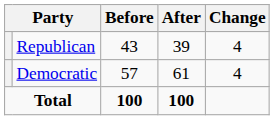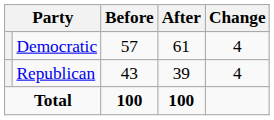 <table class="wikitable" style="text-align:center;">
 <tr>
 <th colspan="2">Party</th>
 <th>Before</th>
 <th>After</th>
 <th>Change</th>
 </tr>
 <tr>
 <th style="background-color:"></th>
-<td style="text-align:left;"><a href='#'>Republican</a></td>
-<td>43</td>
-<td>39</td>
+<td style="text-align:left;"><a href='#'>Democratic</a></td>
+<td>57</td>
+<td>61</td>
 <td> 4</td>
 </tr>
 <tr>
 <th style="background-color:"></th>
-<td style="text-align:left;"><a href='#'>Democratic</a></td>
-<td>57</td>
-<td>61</td>
+<td style="text-align:left;"><a href='#'>Republican</a></td>
+<td>43</td>
+<td>39</td>
 <td> 4</td>
 </tr>
 <tr>
 <td colspan="2"><strong>Total</strong></td>
 <td><strong>100</strong></td>
 <td><strong>100</strong></td>
 <td></td>
 </tr>
 </table>
